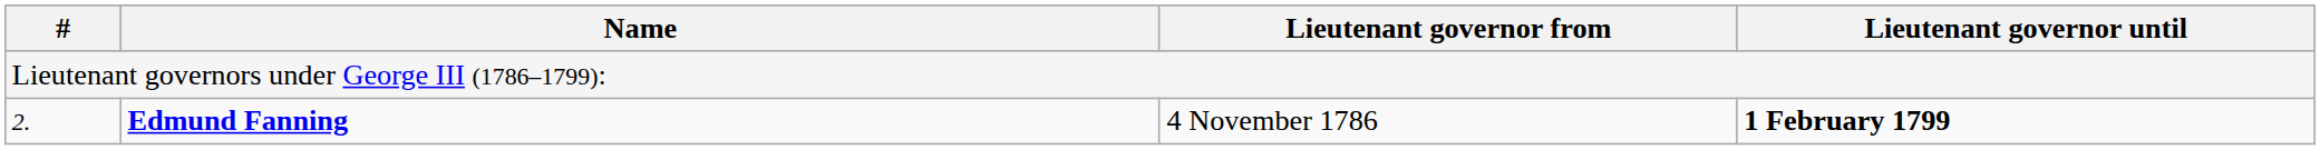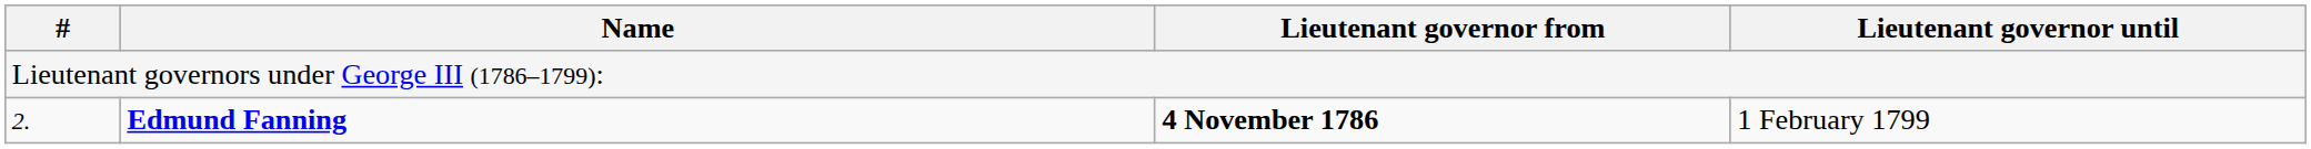 <table class="wikitable" style="width:100%">
 <tr>
 <th width="5%">#</th>
 <th width="45%">Name</th>
 <th width="25%">Lieutenant governor from</th>
 <th width="25%">Lieutenant governor until</th>
 </tr>
 <tr bgcolor="#F5F5F5">
 <td colspan="5" align="left"><span>Lieutenant governors under <a href='#'>George III</a> <small>(1786–1799)</small>:</span></td>
 </tr>
 <tr>
 <td><small><em>2.</em></small></td>
 <td><strong><a href='#'>Edmund Fanning</a></strong></td>
-<td>4 November 1786</td>
-<td><strong>1 February 1799</strong></td>
+<td><strong>4 November 1786</strong></td>
+<td>1 February 1799</td>
 </tr>
 </table>
